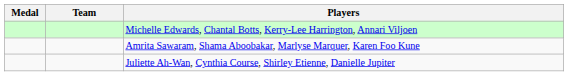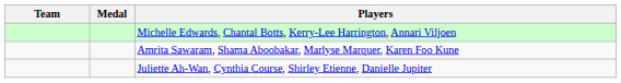 <table class=wikitable style="text-align:left; font-size:90%" width="800px">
 <tr>
+<th width=100>Team</th>
 <th width=50>Medal</th>
-<th width=100>Team</th>
 <th width=600>Players</th>
 </tr>
 <tr bgcolor=ccffcc>
+<td></td>
 <td style="text-align:center"></td>
-<td></td>
 <td><a href='#'>Michelle Edwards</a>, <a href='#'>Chantal Botts</a>, <a href='#'>Kerry-Lee Harrington</a>, <a href='#'>Annari Viljoen</a></td>
 </tr>
 <tr>
+<td></td>
 <td style="text-align:center"></td>
-<td></td>
 <td><a href='#'>Amrita Sawaram</a>, <a href='#'>Shama Aboobakar</a>, <a href='#'>Marlyse Marquer</a>, <a href='#'>Karen Foo Kune</a></td>
 </tr>
 <tr>
+<td></td>
 <td style="text-align:center"></td>
-<td></td>
 <td><a href='#'>Juliette Ah-Wan</a>, <a href='#'>Cynthia Course</a>, <a href='#'>Shirley Etienne</a>, <a href='#'>Danielle Jupiter</a></td>
 </tr>
 </table>
